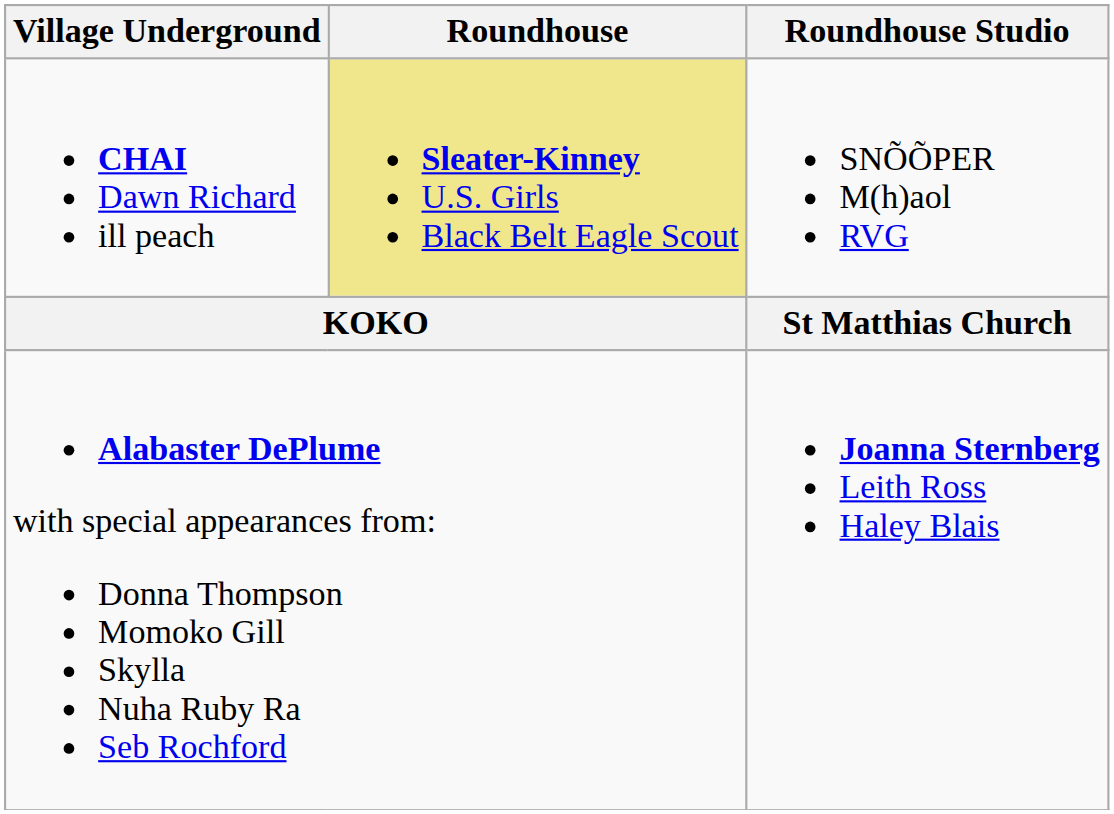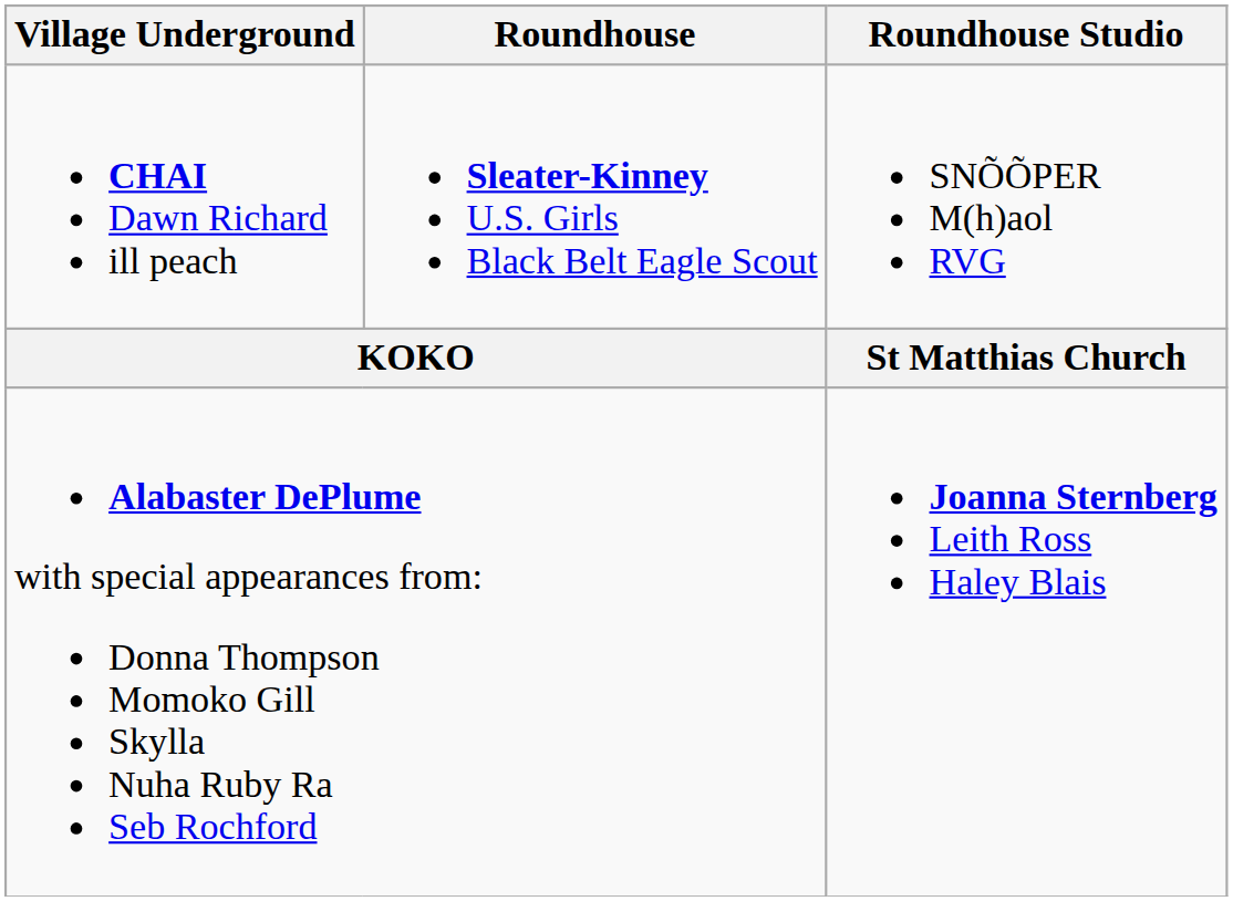 <table class="wikitable plainrowheaders">
 <tr>
 <th>Village Underground</th>
 <th>Roundhouse</th>
 <th>Roundhouse Studio</th>
 </tr>
 <tr>
 <td valign="top"><br><ul><li><strong><a href='#'>CHAI</a></strong></li><li><a href='#'>Dawn Richard</a></li><li>ill peach</li></ul></td>
-<td valign="top" style="background: khaki;"><br><ul><li><strong><a href='#'>Sleater-Kinney</a></strong></li><li><a href='#'>U.S. Girls</a></li><li><a href='#'>Black Belt Eagle Scout</a></li></ul></td>
+<td valign="top"><br><ul><li><strong><a href='#'>Sleater-Kinney</a></strong></li><li><a href='#'>U.S. Girls</a></li><li><a href='#'>Black Belt Eagle Scout</a></li></ul></td>
 <td valign="top"><br><ul><li>SNÕÕPER</li><li>M(h)aol</li><li><a href='#'>RVG</a></li></ul></td>
 </tr>
 <tr>
 <th colspan="2">KOKO</th>
 <th>St Matthias Church</th>
 </tr>
 <tr>
 <td valign="top" colspan="2"><br><ul><li><strong><a href='#'>Alabaster DePlume</a></strong></li></ul>with special appearances from:<ul><li>Donna Thompson</li><li>Momoko Gill</li><li>Skylla</li><li>Nuha Ruby Ra</li><li><a href='#'>Seb Rochford</a></li></ul></td>
 <td valign="top"><br><ul><li><strong><a href='#'>Joanna Sternberg</a></strong></li><li><a href='#'>Leith Ross</a></li><li><a href='#'>Haley Blais</a></li></ul></td>
 </tr>
 </table>
